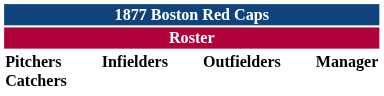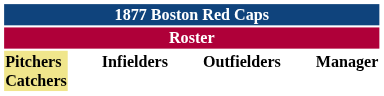 <table class="toccolours" style="font-size: 95%;">
 <tr>
 <th colspan="10" style="background-color: #0f437c; color: white; text-align: center;">1877 Boston Red Caps</th>
 </tr>
 <tr>
 <td colspan="10" style="background-color: #af0039; color: white; text-align: center;"><strong>Roster</strong></td>
 </tr>
 <tr>
-<td valign="top"><strong>Pitchers</strong><br>  <strong>Catchers</strong> </td>
+<td valign="top" style="background: khaki;"><strong>Pitchers</strong><br>  <strong>Catchers</strong> </td>
 <td width="25px"></td>
 <td valign="top"><strong>Infielders</strong><br>   </td>
 <td width="25px"></td>
 <td valign="top"><strong>Outfielders</strong><br>    </td>
 <td width="25px"></td>
 <td valign="top"><strong>Manager</strong><br></td>
 </tr>
 </table>
